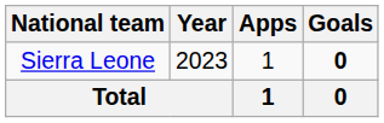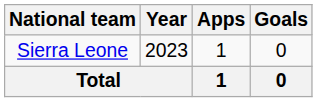 <table class=wikitable style=text-align:center>
 <tr>
 <th>National team</th>
 <th>Year</th>
 <th>Apps</th>
 <th>Goals</th>
 </tr>
 <tr>
 <td rowspan="1"><a href='#'>Sierra Leone</a></td>
 <td>2023</td>
 <td>1</td>
-<td><strong>0</strong></td>
+<td>0</td>
 </tr>
 <tr>
 <th colspan=2>Total</th>
 <th>1</th>
 <th>0</th>
 </tr>
 </table>
